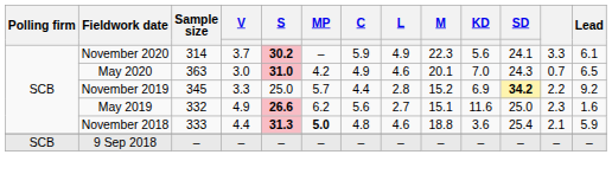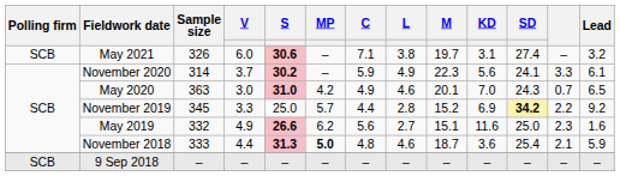 <table class="wikitable sortable" style="text-align:center;font-size:90%;line-height:14px;">
 <tr style="height:40px;">
 <th rowspan="2">Polling firm</th>
 <th rowspan="2">Fieldwork date</th>
 <th rowspan="2">Sample<br>size</th>
 <th class="sortable" style="width:40px;"><a href='#'>V</a></th>
 <th class="sortable" style="width:40px;"><a href='#'>S</a></th>
 <th class="sortable" style="width:40px;"><a href='#'>MP</a></th>
 <th class="sortable" style="width:40px;"><a href='#'>C</a></th>
 <th class="sortable" style="width:40px;"><a href='#'>L</a></th>
 <th class="sortable" style="width:40px;"><a href='#'>M</a></th>
 <th class="sortable" style="width:40px;"><a href='#'>KD</a></th>
 <th class="sortable" style="width:40px;"><a href='#'>SD</a></th>
 <th class="sortable" style="width:30px;" rowspan="2"></th>
 <th style="width:30px;" rowspan="2">Lead</th>
 </tr>
 <tr>
 <th style="background:"></th>
 <th style="background:"></th>
 <th style="background:"></th>
 <th style="background:"></th>
 <th style="background:"></th>
 <th style="background:"></th>
 <th style="background:"></th>
 <th style="background:"></th>
+</tr>
+<tr>
+<td>SCB</td>
+<td>May 2021</td>
+<td>326</td>
+<td>6.0</td>
+<td style="background:#F9BDC5;"><strong>30.6</strong></td>
+<td>–</td>
+<td>7.1</td>
+<td>3.8</td>
+<td>19.7</td>
+<td>3.1</td>
+<td>27.4</td>
+<td>–</td>
+<td style="background:">3.2</td>
 </tr>
 <tr>
 <td rowspan="5">SCB</td>
 <td>November 2020</td>
 <td>314</td>
 <td>3.7</td>
 <td style="background:#F9BDC5;"><strong>30.2</strong></td>
 <td>–</td>
 <td>5.9</td>
 <td>4.9</td>
 <td>22.3</td>
 <td>5.6</td>
 <td>24.1</td>
 <td>3.3</td>
 <td style="background:">6.1</td>
 </tr>
 <tr>
 <td>May 2020</td>
 <td>363</td>
 <td>3.0</td>
 <td style="background:#F9BDC5;"><strong>31.0</strong></td>
 <td>4.2</td>
 <td>4.9</td>
 <td>4.6</td>
 <td>20.1</td>
 <td>7.0</td>
 <td>24.3</td>
 <td>0.7</td>
 <td style="background:">6.5</td>
 </tr>
 <tr>
 <td>November 2019</td>
 <td>345</td>
 <td>3.3</td>
 <td>25.0</td>
 <td>5.7</td>
 <td>4.4</td>
 <td>2.8</td>
 <td>15.2</td>
 <td>6.9</td>
 <td style="background:#FEF4AE;"><strong>34.2</strong></td>
 <td>2.2</td>
 <td style="background:">9.2</td>
 </tr>
 <tr>
 <td>May 2019</td>
 <td>332</td>
 <td>4.9</td>
 <td style="background:#F9BDC5;"><strong>26.6</strong></td>
 <td>6.2</td>
 <td>5.6</td>
 <td>2.7</td>
 <td>15.1</td>
 <td>11.6</td>
 <td>25.0</td>
 <td>2.3</td>
 <td style="background:">1.6</td>
 </tr>
 <tr>
 <td>November 2018</td>
 <td>333</td>
 <td>4.4</td>
 <td style="background:#F9BDC5;"><strong>31.3</strong></td>
 <td><strong>5.0</strong></td>
 <td>4.8</td>
 <td>4.6</td>
-<td>18.8</td>
+<td>18.7</td>
 <td>3.6</td>
 <td>25.4</td>
 <td>2.1</td>
 <td style="background:">5.9</td>
 </tr>
 <tr>
 </tr>
 <tr style="background:#E9E9E9;">
 <td>SCB</td>
 <td data-sort-value="2018-09-09">9 Sep 2018</td>
 <td>–</td>
 <td>–</td>
 <td>–</td>
 <td>–</td>
 <td>–</td>
 <td>–</td>
 <td>–</td>
 <td>–</td>
 <td>–</td>
 <td>–</td>
 <td>–</td>
 </tr>
 </table>
